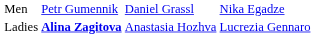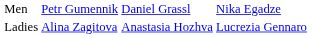 <table>
 <tr>
 <td>Men</td>
 <td> <a href='#'>Petr Gumennik</a></td>
 <td> <a href='#'>Daniel Grassl</a></td>
 <td> <a href='#'>Nika Egadze</a></td>
 </tr>
 <tr>
 <td>Ladies</td>
-<td><strong> <a href='#'>Alina Zagitova</a></strong></td>
+<td> <a href='#'>Alina Zagitova</a></td>
 <td> <a href='#'>Anastasia Hozhva</a></td>
 <td> <a href='#'>Lucrezia Gennaro</a></td>
 </tr>
 </table>
